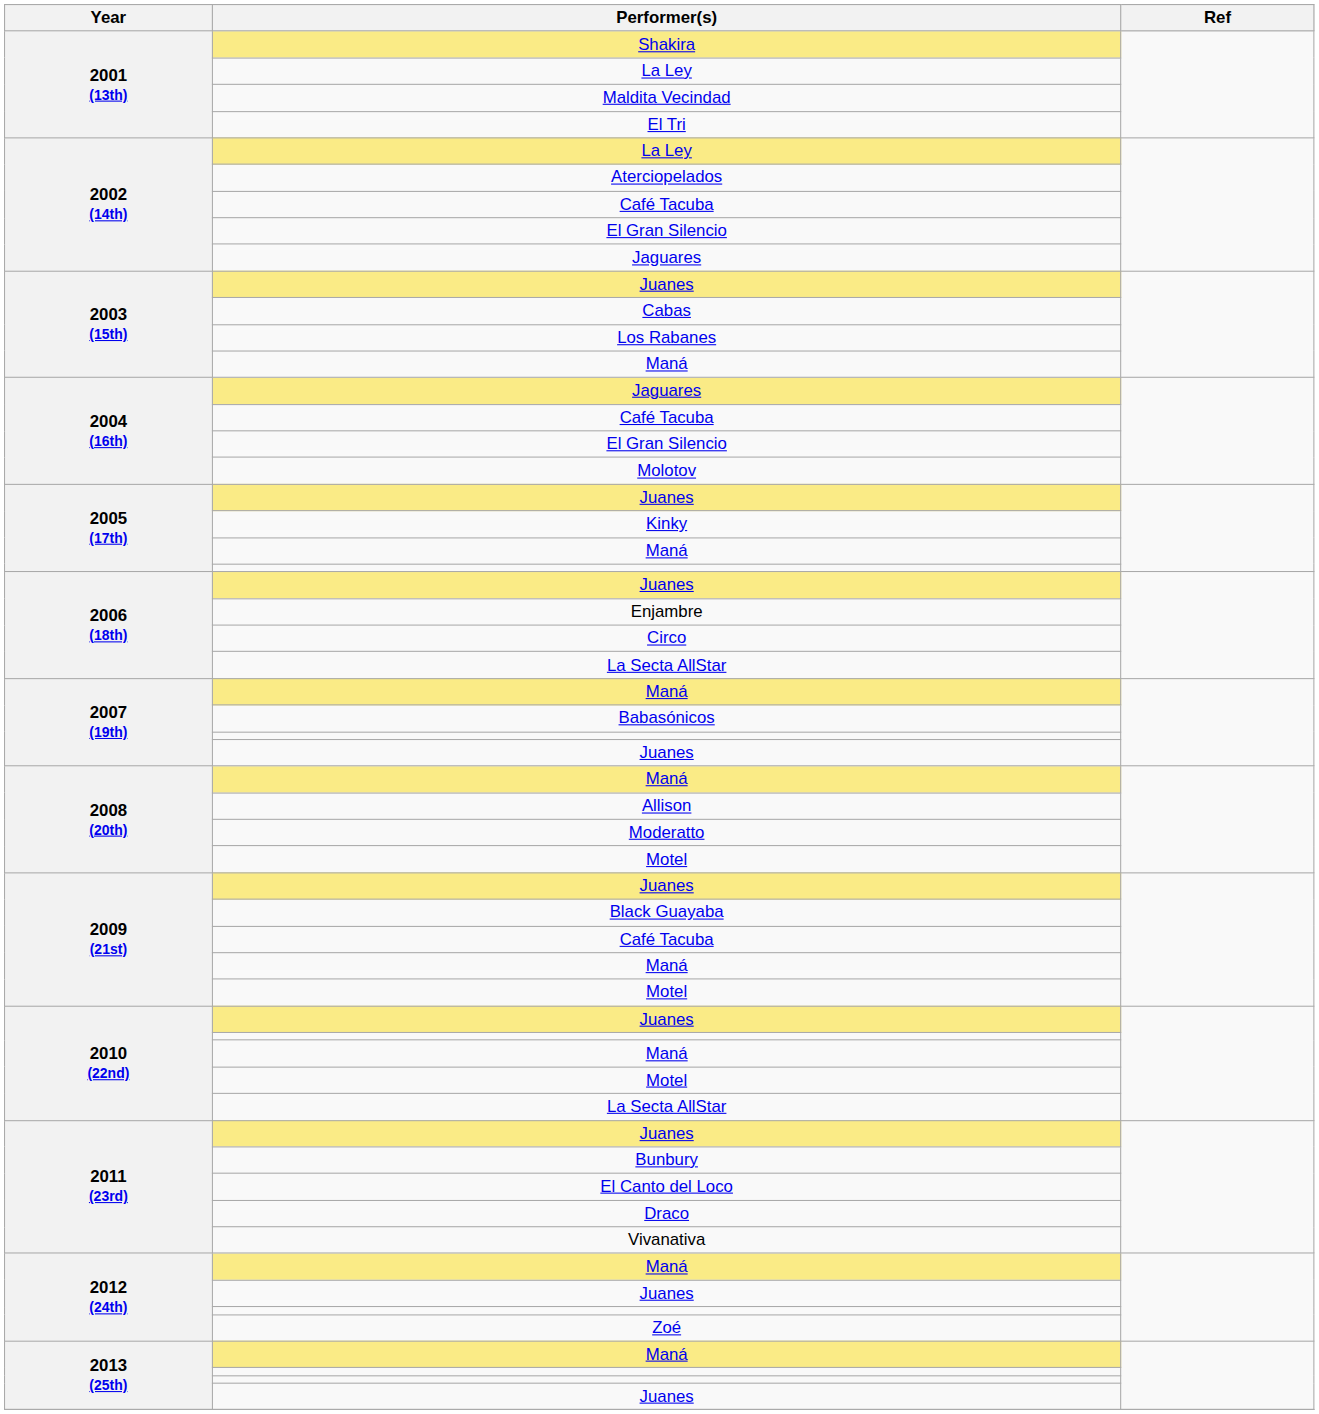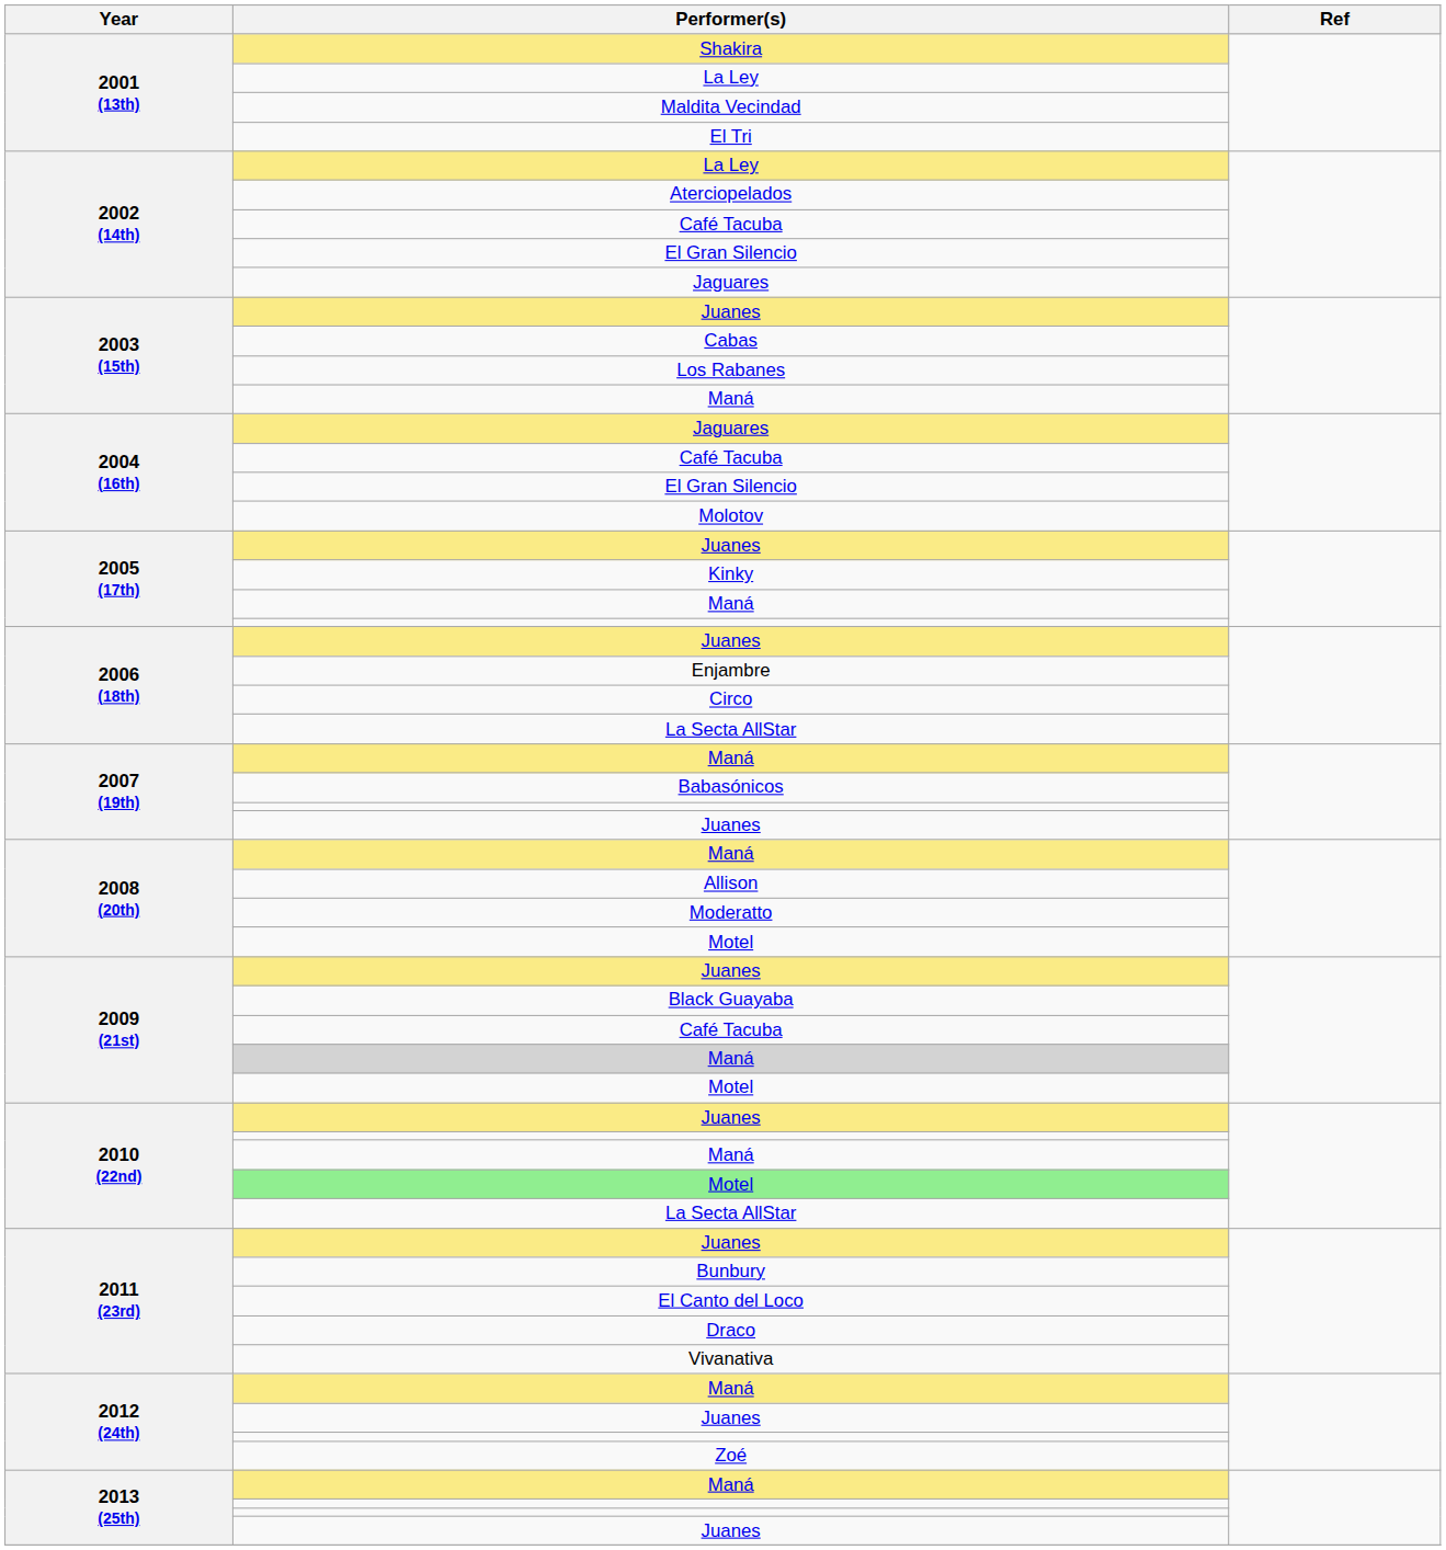 <table class="wikitable sortable" style="text-align:center;">
 <tr style="background:#bebebe;">
 <th scope="col" style="width:1%;">Year</th>
 <th scope="col" style="width:5%;">Performer(s)</th>
 <th scope="col" style="width:1%;" class="unsortable">Ref</th>
 </tr>
 <tr>
 <th scope="row" rowspan=4>2001 <br><small><a href='#'>(13th)</a></small></th>
 <td style="background:#FAEB86"><a href='#'>Shakira</a></td>
 <td rowspan=4></td>
 </tr>
 <tr>
 <td><a href='#'>La Ley</a></td>
 </tr>
 <tr>
 <td><a href='#'>Maldita Vecindad</a></td>
 </tr>
 <tr>
 <td><a href='#'>El Tri</a></td>
 </tr>
 <tr>
 <th scope="row" rowspan=5>2002 <br><small><a href='#'>(14th)</a></small></th>
 <td style="background:#FAEB86;"><a href='#'>La Ley</a></td>
 <td rowspan=5></td>
 </tr>
 <tr>
 <td><a href='#'>Aterciopelados</a></td>
 </tr>
 <tr>
 <td><a href='#'>Café Tacuba</a></td>
 </tr>
 <tr>
 <td><a href='#'>El Gran Silencio</a></td>
 </tr>
 <tr>
 <td><a href='#'>Jaguares</a></td>
 </tr>
 <tr>
 <th scope="row" rowspan=4>2003 <br><small><a href='#'>(15th)</a></small></th>
 <td style="background:#FAEB86;"><a href='#'>Juanes</a></td>
 <td rowspan=4></td>
 </tr>
 <tr>
 <td><a href='#'>Cabas</a></td>
 </tr>
 <tr>
 <td><a href='#'>Los Rabanes</a></td>
 </tr>
 <tr>
 <td><a href='#'>Maná</a></td>
 </tr>
 <tr>
 <th scope="row" rowspan=4>2004 <br><small><a href='#'>(16th)</a></small></th>
 <td style="background:#FAEB86;"><a href='#'>Jaguares</a></td>
 <td rowspan=4></td>
 </tr>
 <tr>
 <td><a href='#'>Café Tacuba</a></td>
 </tr>
 <tr>
 <td><a href='#'>El Gran Silencio</a></td>
 </tr>
 <tr>
 <td><a href='#'>Molotov</a></td>
 </tr>
 <tr>
 <th scope="row" rowspan=4>2005 <br><small><a href='#'>(17th)</a></small></th>
 <td style="background:#FAEB86;"><a href='#'>Juanes</a></td>
 <td rowspan=4></td>
 </tr>
 <tr>
 <td><a href='#'>Kinky</a></td>
 </tr>
 <tr>
 <td><a href='#'>Maná</a></td>
 </tr>
 <tr>
 <td></td>
 </tr>
 <tr>
 <th scope="row" rowspan=4>2006 <br><small><a href='#'>(18th)</a></small></th>
 <td style="background:#FAEB86;"><a href='#'>Juanes</a></td>
 <td rowspan=4></td>
 </tr>
 <tr>
 <td>Enjambre</td>
 </tr>
 <tr>
 <td><a href='#'>Circo</a></td>
 </tr>
 <tr>
 <td><a href='#'>La Secta AllStar</a></td>
 </tr>
 <tr>
 <th scope="row" rowspan=4>2007 <br><small><a href='#'>(19th)</a></small></th>
 <td style="background:#FAEB86;"><a href='#'>Maná</a></td>
 <td rowspan=4></td>
 </tr>
 <tr>
 <td><a href='#'>Babasónicos</a></td>
 </tr>
 <tr>
 <td></td>
 </tr>
 <tr>
 <td><a href='#'>Juanes</a></td>
 </tr>
 <tr>
 <th scope="row" rowspan=4>2008 <br><small><a href='#'>(20th)</a></small></th>
 <td style="background:#FAEB86;"><a href='#'>Maná</a></td>
 <td rowspan=4></td>
 </tr>
 <tr>
 <td><a href='#'>Allison</a></td>
 </tr>
 <tr>
 <td><a href='#'>Moderatto</a></td>
 </tr>
 <tr>
 <td><a href='#'>Motel</a></td>
 </tr>
 <tr>
 <th scope="row" rowspan=5>2009 <br><small><a href='#'>(21st)</a></small></th>
 <td style="background:#FAEB86;"><a href='#'>Juanes</a></td>
 <td rowspan=5></td>
 </tr>
 <tr>
 <td><a href='#'>Black Guayaba</a></td>
 </tr>
 <tr>
 <td><a href='#'>Café Tacuba</a></td>
 </tr>
 <tr>
-<td><a href='#'>Maná</a></td>
+<td style="background: lightgrey;"><a href='#'>Maná</a></td>
 </tr>
 <tr>
 <td><a href='#'>Motel</a></td>
 </tr>
 <tr>
 <th scope="row" rowspan=5>2010 <br><small><a href='#'>(22nd)</a></small></th>
 <td style="background:#FAEB86;"><a href='#'>Juanes</a></td>
 <td rowspan=5></td>
 </tr>
 <tr>
 <td></td>
 </tr>
 <tr>
 <td><a href='#'>Maná</a></td>
 </tr>
 <tr>
-<td><a href='#'>Motel</a></td>
+<td style="background: lightgreen;"><a href='#'>Motel</a></td>
 </tr>
 <tr>
 <td><a href='#'>La Secta AllStar</a></td>
 </tr>
 <tr>
 <th scope="row" rowspan=5>2011 <br><small><a href='#'>(23rd)</a></small></th>
 <td style="background:#FAEB86;"><a href='#'>Juanes</a></td>
 <td rowspan=5></td>
 </tr>
 <tr>
 <td><a href='#'>Bunbury</a></td>
 </tr>
 <tr>
 <td><a href='#'>El Canto del Loco</a></td>
 </tr>
 <tr>
 <td><a href='#'>Draco</a></td>
 </tr>
 <tr>
 <td>Vivanativa</td>
 </tr>
 <tr>
 <th scope="row" rowspan=4>2012 <br><small><a href='#'>(24th)</a></small></th>
 <td style="background:#FAEB86;"><a href='#'>Maná</a></td>
 <td rowspan=4></td>
 </tr>
 <tr>
 <td><a href='#'>Juanes</a></td>
 </tr>
 <tr>
 <td></td>
 </tr>
 <tr>
 <td><a href='#'>Zoé</a></td>
 </tr>
 <tr>
 <th scope="row" rowspan=4>2013 <br><small><a href='#'>(25th)</a></small></th>
 <td style="background:#FAEB86;"><a href='#'>Maná</a></td>
 <td rowspan=4></td>
 </tr>
 <tr>
 <td></td>
 </tr>
 <tr>
 <td></td>
 </tr>
 <tr>
 <td><a href='#'>Juanes</a></td>
 </tr>
 <tr>
 </tr>
 </table>
